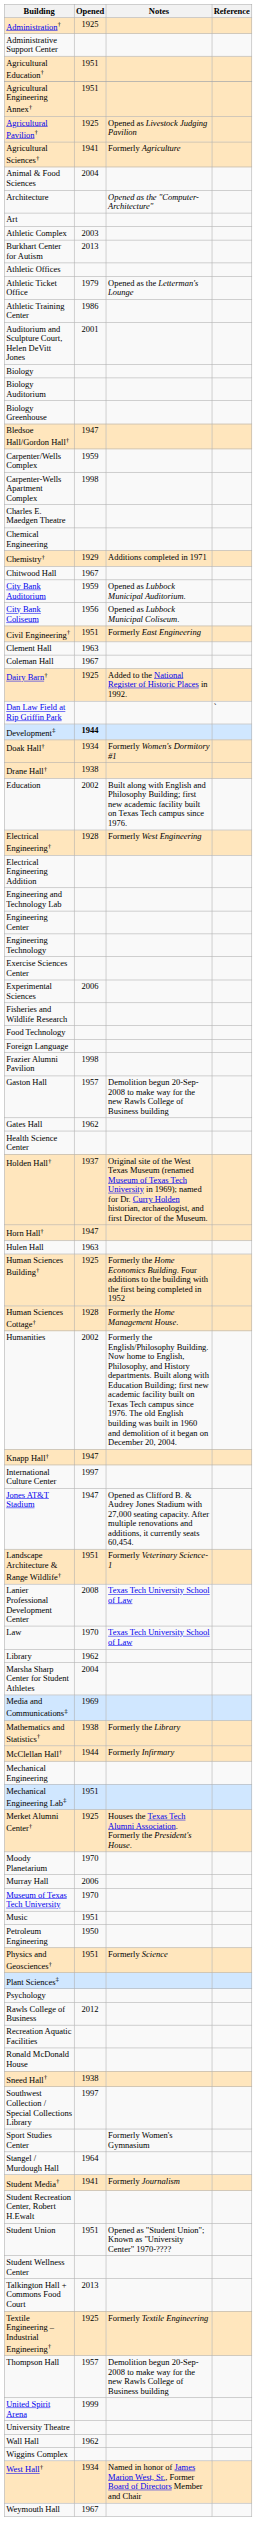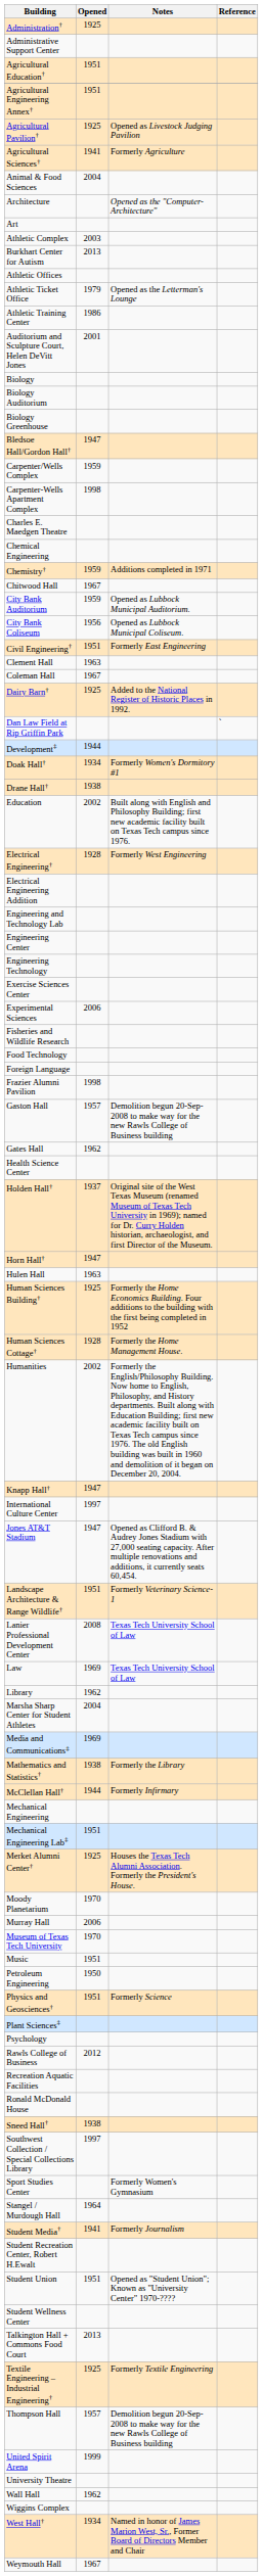 <table class="wikitable sortable" style="width:75%">
 <tr>
 <th width="*">Building</th>
 <th width="*">Opened</th>
 <th width="*" class="unsortable">Notes</th>
 <th wdith="*" class="unsortable">Reference</th>
 </tr>
 <tr valign="top" style="background-color:#ffe6bd;">
 <td><a href='#'>Administration</a><sup>†</sup></td>
 <td align="center">1925</td>
 <td></td>
 <td align="center"></td>
 </tr>
 <tr valign="top">
 <td>Administrative Support Center</td>
 <td align="center"></td>
 <td></td>
 <td align="center"></td>
 </tr>
 <tr valign="top" style="background-color:#ffe6bd;">
 <td>Agricultural Education<sup>†</sup></td>
 <td align="center">1951</td>
 <td></td>
 <td align="center"></td>
 </tr>
 <tr valign="top">
 </tr>
 <tr valign="top" style="background-color:#ffe6bd;">
 <td>Agricultural Engineering Annex<sup>†</sup></td>
 <td align="center">1951</td>
 <td></td>
 <td align="center"></td>
 </tr>
 <tr valign="top" style="background-color:#ffe6bd;">
 <td><a href='#'>Agricultural Pavilion</a><sup>†</sup></td>
 <td align="center">1925</td>
 <td>Opened as <em>Livestock Judging Pavilion</em></td>
 <td align="center"></td>
 </tr>
 <tr valign="top" style="background-color:#ffe6bd;">
 <td>Agricultural Sciences<sup>†</sup></td>
 <td align="center">1941</td>
 <td>Formerly <em>Agriculture</em></td>
 <td align="center"></td>
 </tr>
 <tr valign="top">
 <td>Animal & Food Sciences</td>
 <td align="center">2004</td>
 <td></td>
 <td align="center"></td>
 </tr>
 <tr valign="top">
 <td>Architecture</td>
 <td align="center"></td>
 <td><em>Opened as the "Computer-Architecture"</em></td>
 <td align="center"></td>
 </tr>
 <tr valign="top">
 <td>Art</td>
 <td align="center"></td>
 <td></td>
 <td align="center"></td>
 </tr>
 <tr valign="top">
 <td>Athletic Complex</td>
 <td align="center">2003</td>
 <td></td>
 <td align="center"></td>
 </tr>
 <tr valign="top">
 <td>Burkhart Center for Autism</td>
 <td align="center">2013</td>
 <td></td>
 <td align="center"></td>
 </tr>
 <tr valign="top">
 <td>Athletic Offices</td>
 <td align="center"></td>
 <td></td>
 <td align="center"></td>
 </tr>
 <tr valign="top">
 <td>Athletic Ticket Office</td>
 <td align="center">1979</td>
 <td>Opened as the <em>Letterman's Lounge</em></td>
 <td align="center"></td>
 </tr>
 <tr valign="top">
 <td>Athletic Training Center</td>
 <td align="center">1986</td>
 <td></td>
 <td align="center"></td>
 </tr>
 <tr valign="top">
 <td>Auditorium and Sculpture Court, Helen DeVitt Jones</td>
 <td align="center">2001</td>
 <td></td>
 <td align="center"></td>
 </tr>
 <tr valign="top">
 <td>Biology</td>
 <td align="center"></td>
 <td></td>
 <td align="center"></td>
 </tr>
 <tr valign="top">
 <td>Biology Auditorium</td>
 <td align="center"></td>
 <td></td>
 <td align="center"></td>
 </tr>
 <tr valign="top">
 <td>Biology Greenhouse</td>
 <td align="center"></td>
 <td></td>
 <td align="center"></td>
 </tr>
 <tr valign="top" style="background-color:#ffe6bd;">
 <td>Bledsoe Hall/Gordon Hall<sup>†</sup></td>
 <td align="center">1947</td>
 <td></td>
 <td align="center"></td>
 </tr>
 <tr valign="top">
 <td>Carpenter/Wells Complex</td>
 <td align="center">1959</td>
 <td></td>
 <td align="center"></td>
 </tr>
 <tr valign="top">
 <td>Carpenter-Wells Apartment Complex</td>
 <td align="center">1998</td>
 <td></td>
 <td align="center"></td>
 </tr>
 <tr valign="top">
 <td>Charles E. Maedgen Theatre</td>
 <td align="center"></td>
 <td></td>
 <td align="center"></td>
 </tr>
 <tr valign="top">
 <td>Chemical Engineering</td>
 <td align="center"></td>
 <td></td>
 <td align="center"></td>
 </tr>
 <tr valign="top" style="background-color:#ffe6bd;">
 <td>Chemistry<sup>†</sup></td>
-<td align="center">1929</td>
+<td align="center">1959</td>
 <td>Additions completed in 1971</td>
 <td align="center"></td>
 </tr>
 <tr valign="top">
 <td>Chitwood Hall</td>
 <td align="center">1967</td>
 <td></td>
 <td align="center"></td>
 </tr>
 <tr valign="top">
 <td><a href='#'>City Bank Auditorium</a></td>
 <td align="center">1959</td>
 <td>Opened as <em>Lubbock Municipal Auditorium</em>.</td>
 <td align="center"></td>
 </tr>
 <tr valign="top">
 <td><a href='#'>City Bank Coliseum</a></td>
 <td align="center">1956</td>
 <td>Opened as <em>Lubbock Municipal Coliseum</em>.</td>
 <td align="center"></td>
 </tr>
 <tr valign="top" style="background-color:#ffe6bd;">
 <td>Civil Engineering<sup>†</sup></td>
 <td align="center">1951</td>
 <td>Formerly <em>East Engineering</em></td>
 <td align="center"></td>
 </tr>
 <tr valign="top">
 <td>Clement Hall</td>
 <td align="center">1963</td>
 <td></td>
 <td align="center"></td>
 </tr>
 <tr valign="top">
 <td>Coleman Hall</td>
 <td align="center">1967</td>
 <td></td>
 <td align="center"></td>
 </tr>
 <tr valign="top" style="background-color:#ffe6bd;">
 <td><a href='#'>Dairy Barn</a><sup>†</sup></td>
 <td align="center">1925</td>
 <td>Added to the <a href='#'>National Register of Historic Places</a> in 1992.</td>
 <td align="center"></td>
 </tr>
 <tr valign="top">
 <td><a href='#'>Dan Law Field at Rip Griffin Park</a></td>
 <td align="center"></td>
 <td></td>
 <td>`</td>
 </tr>
 <tr valign="top" style="background-color:#D0E7FF;">
 <td>Development<sup>‡</sup></td>
-<td align="center"><strong>1944</strong></td>
+<td align="center">1944</td>
 <td></td>
 <td align="center"></td>
 </tr>
 <tr valign="top" style="background-color:#ffe6bd;">
 <td>Doak Hall<sup>†</sup></td>
 <td align="center">1934</td>
 <td>Formerly <em>Women's Dormitory #1</em></td>
 <td align="center"></td>
 </tr>
 <tr valign="top" style="background-color:#ffe6bd;">
 <td>Drane Hall<sup>†</sup></td>
 <td align="center">1938</td>
 <td></td>
 <td align="center"></td>
 </tr>
 <tr valign="top">
 <td>Education</td>
 <td align="center">2002</td>
 <td>Built along with English and Philosophy Building; first new academic facility built on Texas Tech campus since 1976.</td>
 <td align="center"></td>
 </tr>
 <tr valign="top" style="background-color:#ffe6bd;">
 <td>Electrical Engineering<sup>†</sup></td>
 <td align="center">1928</td>
 <td>Formerly <em>West Engineering</em></td>
 <td align="center"></td>
 </tr>
 <tr valign="top">
 <td>Electrical Engineering Addition</td>
 <td align="center"></td>
 <td></td>
 <td align="center"></td>
 </tr>
 <tr valign="top">
 <td>Engineering and Technology Lab</td>
 <td align="center"></td>
 <td></td>
 <td align="center"></td>
 </tr>
 <tr valign="top">
 <td>Engineering Center</td>
 <td align="center"></td>
 <td></td>
 <td align="center"></td>
 </tr>
 <tr valign="top">
 <td>Engineering Technology</td>
 <td align="center"></td>
 <td></td>
 <td align="center"></td>
 </tr>
 <tr valign="top">
 <td>Exercise Sciences Center</td>
 <td align="center"></td>
 <td></td>
 <td align="center"></td>
 </tr>
 <tr valign="top">
 <td>Experimental Sciences</td>
 <td align="center">2006</td>
 <td></td>
 <td align="center"></td>
 </tr>
 <tr valign="top">
 <td>Fisheries and Wildlife Research</td>
 <td align="center"></td>
 <td></td>
 <td align="center"></td>
 </tr>
 <tr valign="top">
 <td>Food Technology</td>
 <td align="center"></td>
 <td></td>
 <td align="center"></td>
 </tr>
 <tr valign="top">
 <td>Foreign Language</td>
 <td align="center"></td>
 <td></td>
 <td align="center"></td>
 </tr>
 <tr valign="top">
 <td>Frazier Alumni Pavilion</td>
 <td align="center">1998</td>
 <td></td>
 <td align="center"></td>
 </tr>
 <tr valign="top">
 <td>Gaston Hall</td>
 <td align = "center">1957</td>
 <td>Demolition begun 20-Sep-2008 to make way for the new Rawls College of Business building</td>
 <td align="center"></td>
 </tr>
 <tr valign="top">
 <td>Gates Hall</td>
 <td align="center">1962</td>
 <td></td>
 <td align="center"></td>
 </tr>
 <tr valign="top">
 <td>Health Science Center</td>
 <td align="center"></td>
 <td></td>
 <td align="center"></td>
 </tr>
 <tr valign="top" style="background-color:#ffe6bd;">
 <td>Holden Hall<sup>†</sup></td>
 <td align="center">1937</td>
 <td>Original site of the West Texas Museum (renamed <a href='#'>Museum of Texas Tech University</a> in 1969); named for Dr. <a href='#'>Curry Holden</a> historian, archaeologist, and first Director of the Museum.</td>
 <td align="center"></td>
 </tr>
 <tr valign="top" style="background-color:#ffe6bd;">
 <td>Horn Hall<sup>†</sup></td>
 <td align="center">1947</td>
 <td></td>
 <td align="center"></td>
 </tr>
 <tr valign="top">
 <td>Hulen Hall</td>
 <td align="center">1963</td>
 <td></td>
 <td align="center"></td>
 </tr>
 <tr valign="top" style="background-color:#ffe6bd;">
 <td>Human Sciences Building<sup>†</sup></td>
 <td align="center">1925</td>
 <td>Formerly the <em>Home Economics Building</em>. Four additions to the building with the first being completed in 1952</td>
 <td align="center"></td>
 </tr>
 <tr valign="top" style="background-color:#ffe6bd;">
 <td>Human Sciences Cottage<sup>†</sup></td>
 <td align="center">1928</td>
 <td>Formerly the <em>Home Management House</em>.</td>
 <td align="center"></td>
 </tr>
 <tr valign="top">
 <td>Humanities</td>
 <td align="center">2002</td>
 <td>Formerly the English/Philosophy Building. Now home to English, Philosophy, and History departments. Built along with Education Building; first new academic facility built on Texas Tech campus since 1976.  The old English building was built in 1960 and demolition of it began on December 20, 2004.</td>
 <td align="center"></td>
 </tr>
 <tr valign="top" style="background-color:#ffe6bd;">
 <td>Knapp Hall<sup>†</sup></td>
 <td align="center">1947</td>
 <td></td>
 <td align="center"></td>
 </tr>
 <tr valign="top">
 <td>International Culture Center</td>
 <td align="center">1997</td>
 <td></td>
 <td align="center"></td>
 </tr>
 <tr valign="top">
 <td><a href='#'>Jones AT&T Stadium</a></td>
 <td align="center">1947</td>
 <td>Opened as Clifford B. & Audrey Jones Stadium with 27,000 seating capacity. After multiple renovations and additions, it currently seats 60,454.</td>
 <td></td>
 </tr>
 <tr valign="top" style="background-color:#ffe6bd;">
 <td>Landscape Architecture & Range Wildlife<sup>†</sup></td>
 <td align="center">1951</td>
 <td>Formerly <em>Veterinary Science-1</em></td>
 <td align="center"></td>
 </tr>
 <tr valign="top">
 <td>Lanier Professional Development Center</td>
 <td align="center">2008</td>
 <td><a href='#'>Texas Tech University School of Law</a></td>
 <td align="center"></td>
 </tr>
 <tr valign="top">
 <td>Law</td>
-<td align="center">1970</td>
+<td align="center">1969</td>
 <td><a href='#'>Texas Tech University School of Law</a></td>
 <td align="center"></td>
 </tr>
 <tr valign="top">
 <td>Library</td>
 <td align="center">1962</td>
 <td></td>
 <td align="center"></td>
 </tr>
 <tr valign="top">
 <td>Marsha Sharp Center for Student Athletes</td>
 <td align="center">2004</td>
 <td></td>
 <td align="center"></td>
 </tr>
 <tr valign="top" style="background-color:#D0E7FF;">
 <td>Media and Communications<sup>‡</sup></td>
 <td align="center">1969</td>
 <td></td>
 <td align="center"></td>
 </tr>
 <tr valign="top" style="background-color:#ffe6bd;">
 <td>Mathematics and Statistics<sup>†</sup></td>
 <td align="center">1938</td>
 <td>Formerly the <em>Library </em></td>
 <td align="center"></td>
 </tr>
 <tr valign="top" style="background-color:#ffe6bd;">
 <td>McClellan Hall<sup>†</sup></td>
 <td align="center">1944</td>
 <td>Formerly <em>Infirmary</em></td>
 <td align="center"></td>
 </tr>
 <tr valign="top">
 <td>Mechanical Engineering</td>
 <td align="center"></td>
 <td></td>
 <td align="center"></td>
 </tr>
 <tr valign="top" style="background-color:#D0E7FF;">
 <td>Mechanical Engineering Lab<sup>‡</sup></td>
 <td align="center">1951</td>
 <td></td>
 <td align="center"></td>
 </tr>
 <tr valign="top" style="background-color:#ffe6bd;">
 <td>Merket Alumni Center<sup>†</sup></td>
 <td align="center">1925</td>
 <td>Houses the <a href='#'>Texas Tech Alumni Association</a>. Formerly the <em>President's House</em>.</td>
 <td align="center"></td>
 </tr>
 <tr valign="top">
 <td>Moody Planetarium</td>
 <td align="center">1970</td>
 <td></td>
 <td align="center"></td>
 </tr>
 <tr valign="top">
 <td>Murray Hall</td>
 <td align="center">2006</td>
 <td></td>
 <td align="center"></td>
 </tr>
 <tr valign="top">
 <td><a href='#'>Museum of Texas Tech University</a></td>
 <td align="center">1970</td>
 <td></td>
 <td align="center"></td>
 </tr>
 <tr valign="top">
 <td>Music</td>
 <td align="center">1951</td>
 <td></td>
 <td align="center"></td>
 </tr>
 <tr valign="top">
 <td>Petroleum Engineering</td>
 <td align="center">1950</td>
 <td></td>
 <td align="center"></td>
 </tr>
 <tr valign="top" style="background-color:#ffe6bd;">
 <td>Physics and Geosciences<sup>†</sup></td>
 <td align="center">1951</td>
 <td>Formerly <em>Science</em></td>
 <td align="center"></td>
 </tr>
 <tr valign="top" style="background-color:#D0E7FF;">
 <td>Plant Sciences<sup>‡</sup></td>
 <td align="center"></td>
 <td></td>
 <td align="center"></td>
 </tr>
 <tr valign="top">
 <td>Psychology</td>
 <td align="center"></td>
 <td></td>
 <td align="center"></td>
 </tr>
 <tr valign="top">
 <td>Rawls College of Business</td>
 <td align="center">2012</td>
 <td></td>
 <td align="center"></td>
 </tr>
 <tr valign="top">
 <td>Recreation Aquatic Facilities</td>
 <td align="center"></td>
 <td></td>
 <td align="center"></td>
 </tr>
 <tr valign="top">
 <td>Ronald McDonald House</td>
 <td align="center"></td>
 <td></td>
 <td align="center"></td>
 </tr>
 <tr valign="top" style="background-color:#ffe6bd;">
 <td>Sneed Hall<sup>†</sup></td>
 <td align="center">1938</td>
 <td></td>
 <td align="center"></td>
 </tr>
 <tr valign="top">
 <td>Southwest Collection / Special Collections Library</td>
 <td align="center">1997</td>
 <td></td>
 <td align="center"></td>
 </tr>
 <tr valign="top">
 <td>Sport Studies Center</td>
 <td align="center"></td>
 <td>Formerly Women's Gymnasium</td>
 <td align="center"></td>
 </tr>
 <tr valign="top">
 <td>Stangel / Murdough Hall</td>
 <td align="center">1964</td>
 <td></td>
 <td align="center"></td>
 </tr>
 <tr valign="top" style="background-color:#ffe6bd;">
 <td>Student Media<sup>†</sup></td>
 <td align="center">1941</td>
 <td>Formerly <em>Journalism</em></td>
 <td align="center"></td>
 </tr>
 <tr valign="top">
 <td>Student Recreation Center, Robert H.Ewalt</td>
 <td align="center"></td>
 <td></td>
 <td align="center"></td>
 </tr>
 <tr valign="top">
 <td>Student Union</td>
 <td align="center">1951</td>
 <td>Opened as "Student Union"; Known as "University Center" 1970-????</td>
 <td align="center"></td>
 </tr>
 <tr valign="top">
 <td>Student Wellness Center</td>
 <td align="center"></td>
 <td></td>
 <td align="center"></td>
 </tr>
 <tr valign="top">
 <td>Talkington Hall + Commons Food Court</td>
 <td align="center">2013</td>
 <td></td>
 <td align="center"></td>
 </tr>
 <tr valign="top" style="background-color:#ffe6bd;">
 <td>Textile Engineering – Industrial Engineering<sup>†</sup></td>
 <td align="center">1925</td>
 <td>Formerly <em>Textile Engineering</em></td>
 <td align="center"></td>
 </tr>
 <tr valign="top">
 <td>Thompson Hall</td>
 <td align = "center">1957</td>
 <td>Demolition begun 20-Sep-2008 to make way for the new Rawls College of Business building</td>
 <td align="center"></td>
 </tr>
 <tr valign="top">
 <td><a href='#'>United Spirit Arena</a></td>
 <td align="center">1999</td>
 <td></td>
 <td></td>
 </tr>
 <tr valign="top">
 <td>University Theatre</td>
 <td align="center"></td>
 <td></td>
 <td align="center"></td>
 </tr>
 <tr valign="top">
 <td>Wall Hall</td>
 <td align="center">1962</td>
 <td></td>
 <td align="center"></td>
 </tr>
 <tr valign="top">
 <td>Wiggins Complex</td>
 <td align="center"></td>
 <td></td>
 <td align="center"></td>
 </tr>
 <tr valign="top" style="background-color:#ffe6bd;">
 <td><a href='#'>West Hall</a><sup>†</sup></td>
 <td align="center">1934</td>
 <td>Named in honor of <a href='#'>James Marion West, Sr.</a>, Former <a href='#'>Board of Directors</a> Member and Chair</td>
 <td align="center"></td>
 </tr>
 <tr valign="top">
 <td>Weymouth Hall</td>
 <td align="center">1967</td>
 <td></td>
 <td align="center"></td>
 </tr>
 </table>
